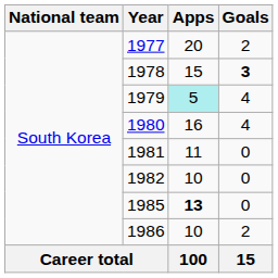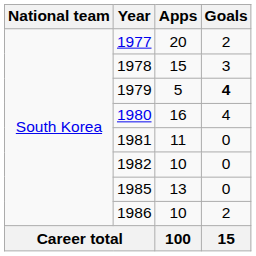 <table class="wikitable" style="text-align:center">
 <tr>
 <th>National team</th>
 <th>Year</th>
 <th>Apps</th>
 <th>Goals</th>
 </tr>
 <tr>
 <td rowspan="8"><a href='#'>South Korea</a></td>
 <td><a href='#'>1977</a></td>
 <td>20</td>
 <td>2</td>
 </tr>
 <tr>
 <td>1978</td>
 <td>15</td>
-<td><strong>3</strong></td>
+<td>3</td>
 </tr>
 <tr>
 <td>1979</td>
-<td style="background: paleturquoise;">5</td>
-<td>4</td>
+<td>5</td>
+<td><strong>4</strong></td>
 </tr>
 <tr>
 <td><a href='#'>1980</a></td>
 <td>16</td>
 <td>4</td>
 </tr>
 <tr>
 <td>1981</td>
 <td>11</td>
 <td>0</td>
 </tr>
 <tr>
 <td>1982</td>
 <td>10</td>
 <td>0</td>
 </tr>
 <tr>
 <td>1985</td>
-<td><strong>13</strong></td>
+<td>13</td>
 <td>0</td>
 </tr>
 <tr>
 <td>1986</td>
 <td>10</td>
 <td>2</td>
 </tr>
 <tr>
 <th colspan="2">Career total</th>
 <th>100</th>
 <th>15</th>
 </tr>
 </table>
